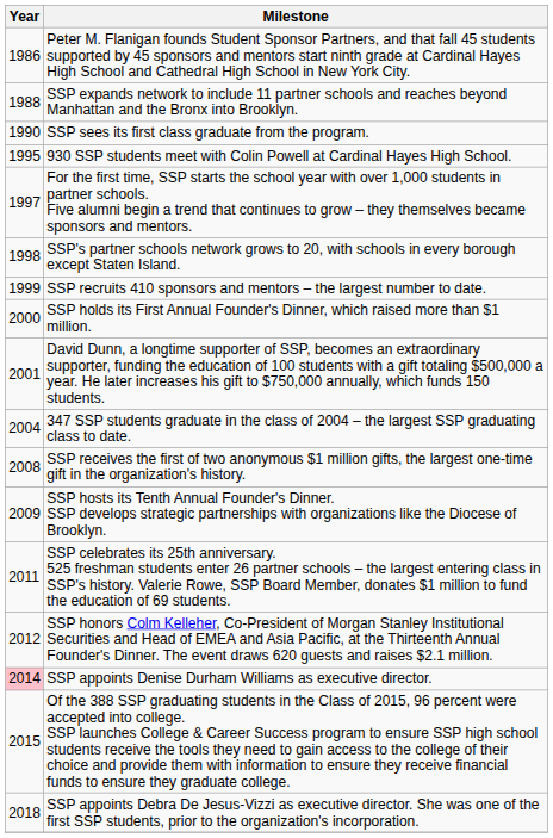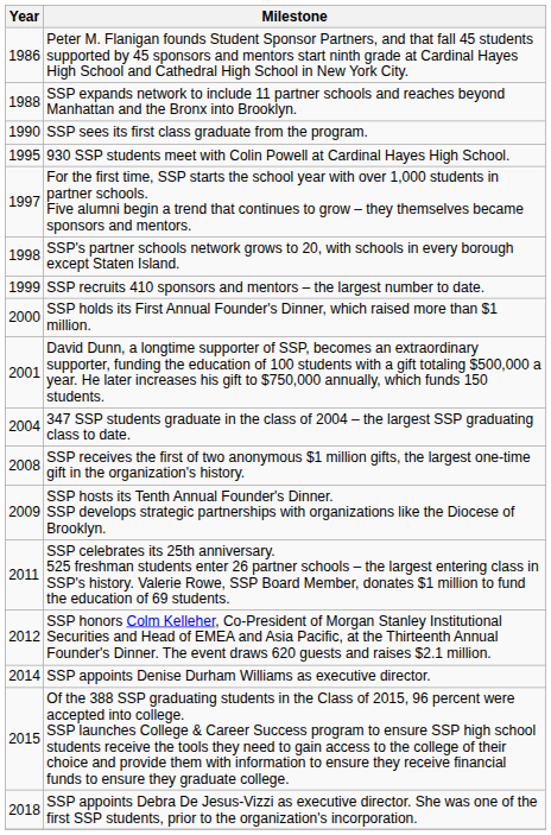 <table class="wikitable">
 <tr>
 <th>Year</th>
 <th>Milestone</th>
 </tr>
 <tr>
 <td>1986</td>
 <td>Peter M. Flanigan founds Student Sponsor Partners, and that fall 45 students supported by 45 sponsors and mentors start ninth grade at Cardinal Hayes High School and Cathedral High School in New York City.</td>
 </tr>
 <tr>
 <td>1988</td>
 <td>SSP expands network to include 11 partner schools and reaches beyond Manhattan and the Bronx into Brooklyn.</td>
 </tr>
 <tr>
 <td>1990</td>
 <td>SSP sees its first class graduate from the program.</td>
 </tr>
 <tr>
 <td>1995</td>
 <td>930 SSP students meet with Colin Powell at Cardinal Hayes High School.</td>
 </tr>
 <tr>
 <td>1997</td>
 <td>For the first time, SSP starts the school year with over 1,000 students in partner schools.<br>Five alumni begin a trend that continues to grow – they themselves became sponsors and mentors.</td>
 </tr>
 <tr>
 <td>1998</td>
 <td>SSP's partner schools network grows to 20, with schools in every borough except Staten Island.</td>
 </tr>
 <tr>
 <td>1999</td>
 <td>SSP recruits 410 sponsors and mentors – the largest number to date.</td>
 </tr>
 <tr>
 <td>2000</td>
 <td>SSP holds its First Annual Founder's Dinner, which raised more than $1 million.</td>
 </tr>
 <tr>
 <td>2001</td>
 <td>David Dunn, a longtime supporter of SSP, becomes an extraordinary supporter, funding the education of 100 students with a gift totaling $500,000 a year. He later increases his gift to $750,000 annually, which funds 150 students.</td>
 </tr>
 <tr>
 <td>2004</td>
 <td>347 SSP students graduate in the class of 2004 – the largest SSP graduating class to date.</td>
 </tr>
 <tr>
 <td>2008</td>
 <td>SSP receives the first of two anonymous $1 million gifts, the largest one-time gift in the organization's history.</td>
 </tr>
 <tr>
 <td>2009</td>
 <td>SSP hosts its Tenth Annual Founder's Dinner.<br>SSP develops strategic partnerships with organizations like the Diocese of Brooklyn.</td>
 </tr>
 <tr>
 <td>2011</td>
 <td>SSP celebrates its 25th anniversary.<br>525 freshman students enter 26 partner schools – the largest entering class in SSP's history. Valerie Rowe, SSP Board Member, donates $1 million to fund the education of 69 students.</td>
 </tr>
 <tr>
 <td>2012</td>
 <td>SSP honors <a href='#'>Colm Kelleher</a>, Co-President of Morgan Stanley Institutional Securities and Head of EMEA and Asia Pacific, at the Thirteenth Annual Founder's Dinner. The event draws 620 guests and raises $2.1 million.</td>
 </tr>
 <tr>
-<td style="background: pink;">2014</td>
+<td>2014</td>
 <td>SSP appoints Denise Durham Williams as executive director.</td>
 </tr>
 <tr>
 <td>2015</td>
 <td>Of the 388 SSP graduating students in the Class of 2015, 96 percent were accepted into college.<br>SSP launches College & Career Success program to ensure SSP high school students receive the tools they need to gain access to the college of their choice and provide them with information to ensure they receive financial funds to ensure they graduate college.</td>
 </tr>
 <tr>
 <td>2018</td>
 <td>SSP appoints Debra De Jesus-Vizzi as executive director. She was one of the first SSP students, prior to the organization's incorporation.</td>
 </tr>
 <tr>
 </tr>
 </table>
